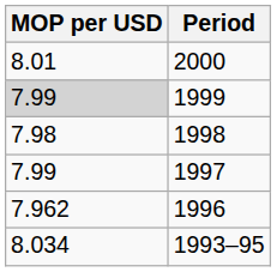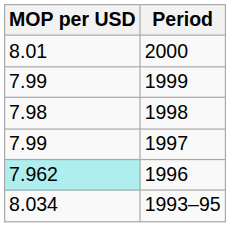 <table class="wikitable">
 <tr>
 <th>MOP per USD</th>
 <th>Period</th>
 </tr>
 <tr>
 <td>8.01</td>
 <td>2000</td>
 </tr>
 <tr>
-<td style="background: lightgrey;">7.99</td>
+<td>7.99</td>
 <td>1999</td>
 </tr>
 <tr>
 <td>7.98</td>
 <td>1998</td>
 </tr>
 <tr>
 <td>7.99</td>
 <td>1997</td>
 </tr>
 <tr>
-<td>7.962</td>
+<td style="background: paleturquoise;">7.962</td>
 <td>1996</td>
 </tr>
 <tr>
 <td>8.034</td>
 <td>1993–95</td>
 </tr>
 </table>
